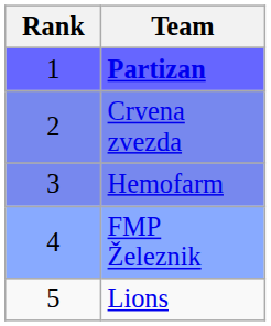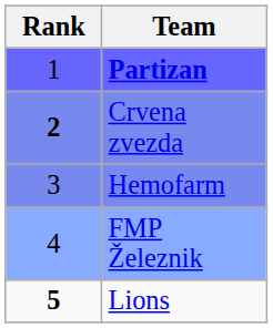 <table class="wikitable" style="text-align: center" align="left">
 <tr>
 <th width=50>Rank</th>
 <th width=90>Team</th>
 </tr>
 <tr bgcolor="#6666ff">
 <td>1</td>
 <td align=left><strong><a href='#'>Partizan</a></strong></td>
 </tr>
 <tr bgcolor="#7788ee">
-<td>2</td>
+<td><strong>2</strong></td>
 <td align=left><a href='#'>Crvena zvezda</a></td>
 </tr>
 <tr bgcolor="#7788ee">
 <td>3</td>
 <td align=left><a href='#'>Hemofarm</a></td>
 </tr>
 <tr bgcolor="#88aaff">
 <td>4</td>
 <td align=left><a href='#'>FMP Železnik</a></td>
 </tr>
 <tr>
-<td>5</td>
+<td><strong>5</strong></td>
 <td align=left><a href='#'>Lions</a></td>
 </tr>
 </table>
